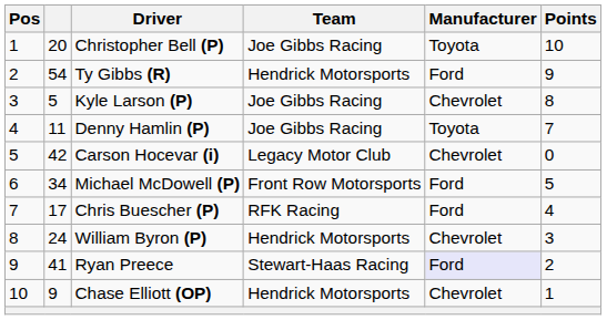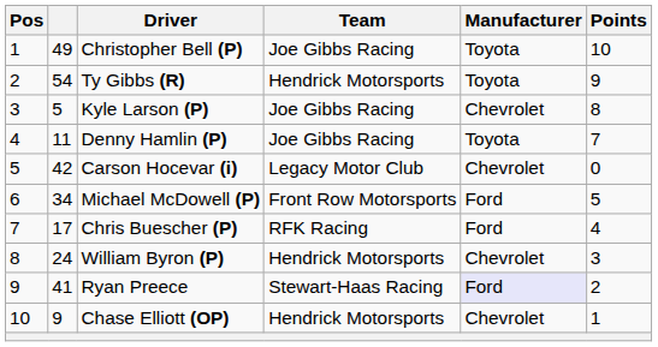 <table class="wikitable" style="font-size:98%">
 <tr>
 <th>Pos</th>
 <th></th>
 <th>Driver</th>
 <th>Team</th>
 <th>Manufacturer</th>
 <th>Points</th>
 </tr>
 <tr>
 <td>1</td>
-<td>20</td>
+<td>49</td>
 <td>Christopher Bell <strong>(P)</strong></td>
 <td>Joe Gibbs Racing</td>
 <td>Toyota</td>
 <td>10</td>
 </tr>
 <tr>
 <td>2</td>
 <td>54</td>
 <td>Ty Gibbs <strong>(R)</strong></td>
 <td>Hendrick Motorsports</td>
-<td>Ford</td>
+<td>Toyota</td>
 <td>9</td>
 </tr>
 <tr>
 <td>3</td>
 <td>5</td>
 <td>Kyle Larson <strong>(P)</strong></td>
 <td>Joe Gibbs Racing</td>
 <td>Chevrolet</td>
 <td>8</td>
 </tr>
 <tr>
 <td>4</td>
 <td>11</td>
 <td>Denny Hamlin <strong>(P)</strong></td>
 <td>Joe Gibbs Racing</td>
 <td>Toyota</td>
 <td>7</td>
 </tr>
 <tr>
 <td>5</td>
 <td>42</td>
 <td>Carson Hocevar <strong>(i)</strong></td>
 <td>Legacy Motor Club</td>
 <td>Chevrolet</td>
 <td>0</td>
 </tr>
 <tr>
 <td>6</td>
 <td>34</td>
 <td>Michael McDowell <strong>(P)</strong></td>
 <td>Front Row Motorsports</td>
 <td>Ford</td>
 <td>5</td>
 </tr>
 <tr>
 <td>7</td>
 <td>17</td>
 <td>Chris Buescher <strong>(P)</strong></td>
 <td>RFK Racing</td>
 <td>Ford</td>
 <td>4</td>
 </tr>
 <tr>
 <td>8</td>
 <td>24</td>
 <td>William Byron <strong>(P)</strong></td>
 <td>Hendrick Motorsports</td>
 <td>Chevrolet</td>
 <td>3</td>
 </tr>
 <tr>
 <td>9</td>
 <td>41</td>
 <td>Ryan Preece</td>
 <td>Stewart-Haas Racing</td>
 <td style="background: lavender;">Ford</td>
 <td>2</td>
 </tr>
 <tr>
 <td>10</td>
 <td>9</td>
 <td>Chase Elliott <strong>(OP)</strong></td>
 <td>Hendrick Motorsports</td>
 <td>Chevrolet</td>
 <td>1</td>
 </tr>
 <tr>
 <th colspan="6"></th>
 </tr>
 </table>
